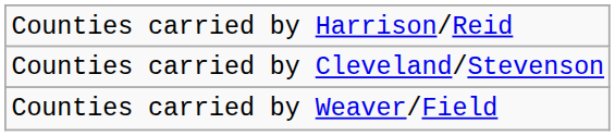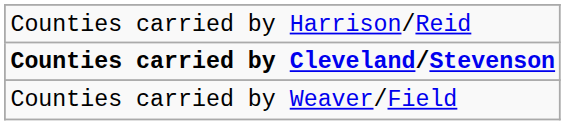 <table class="wikitable">
 <tr>
 <td>Counties carried by <a href='#'>Harrison</a>/<a href='#'>Reid</a></td>
 </tr>
 <tr>
-<td>Counties carried by <a href='#'>Cleveland</a>/<a href='#'>Stevenson</a></td>
+<td><strong>Counties carried by <a href='#'>Cleveland</a>/<a href='#'>Stevenson</a></strong></td>
 </tr>
 <tr>
 <td>Counties carried by <a href='#'>Weaver</a>/<a href='#'>Field</a></td>
 </tr>
 </table>
